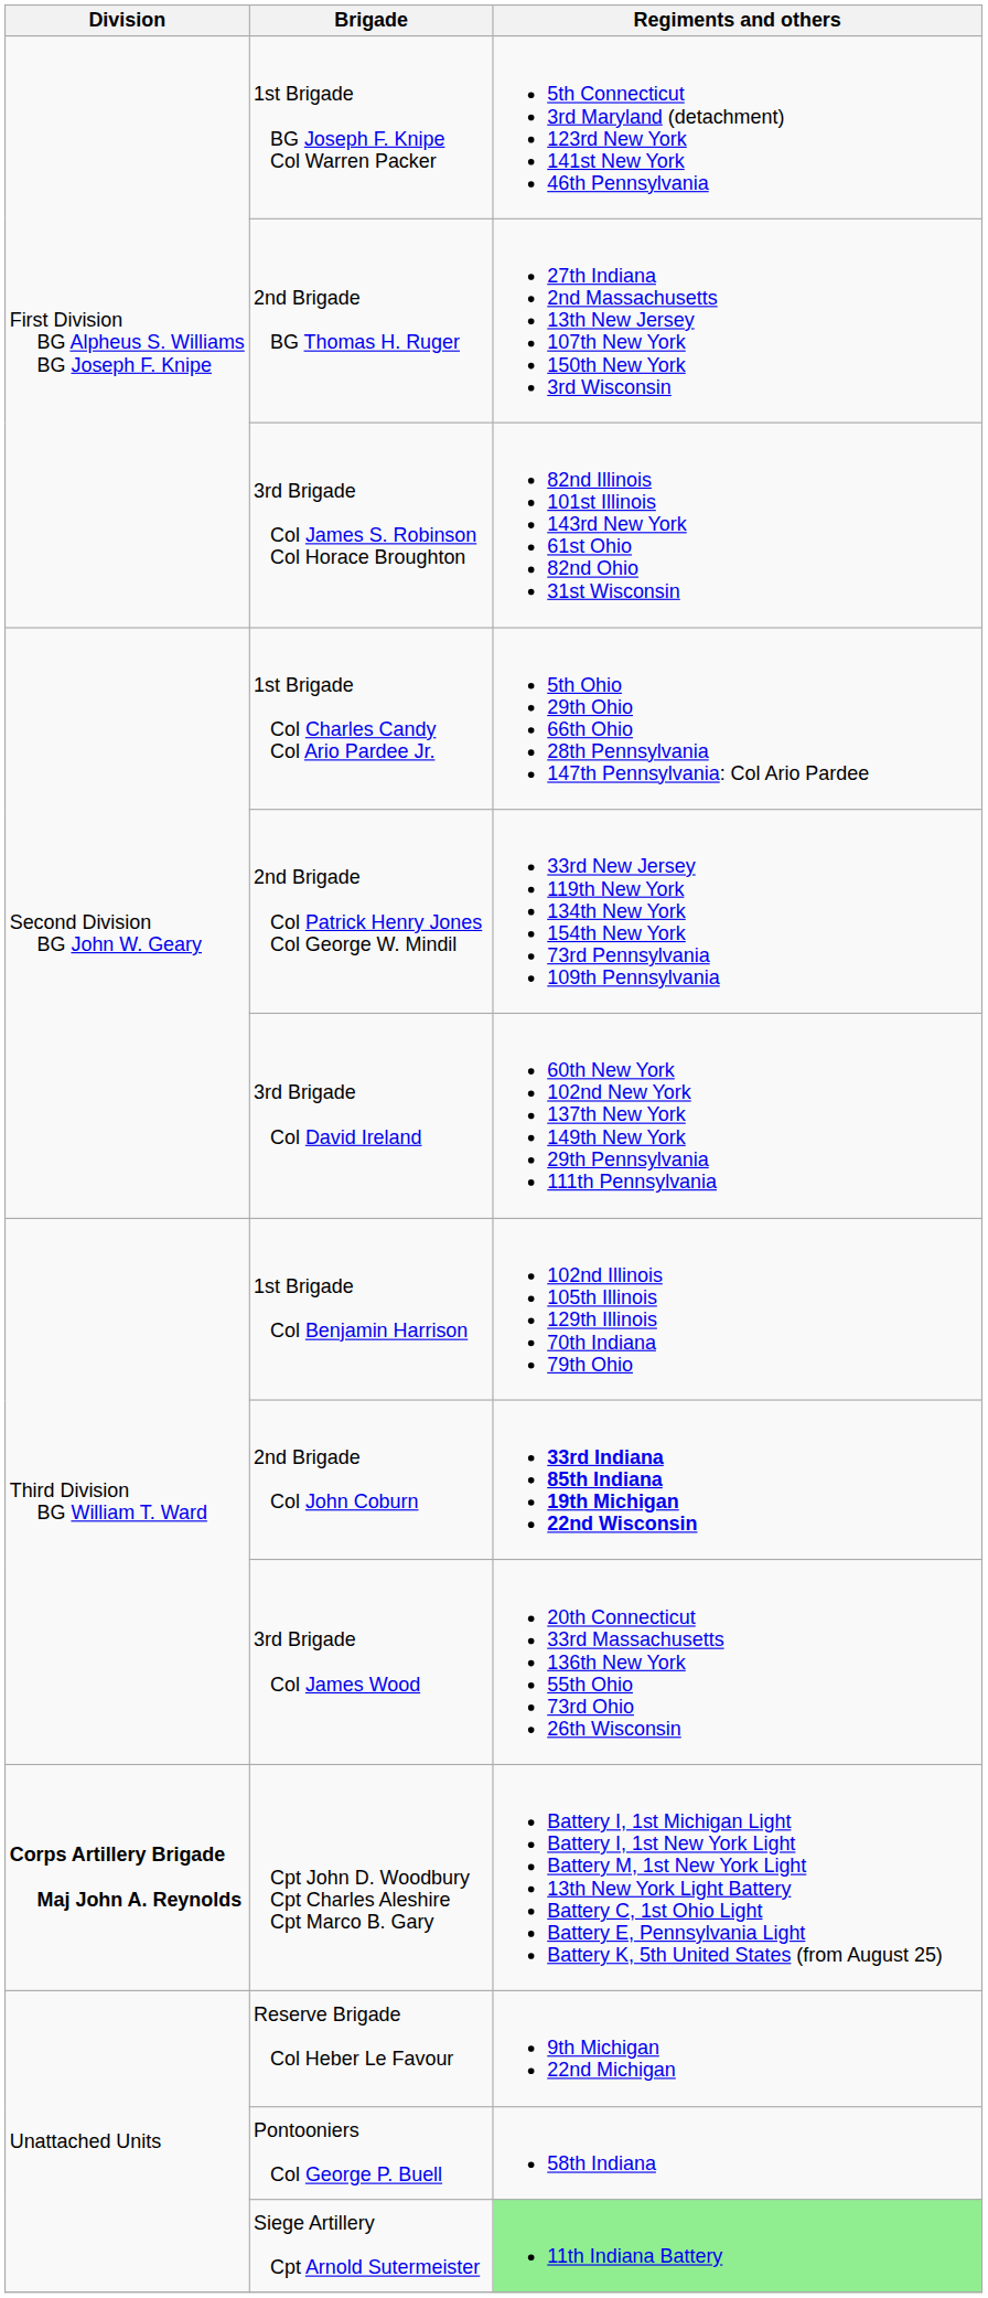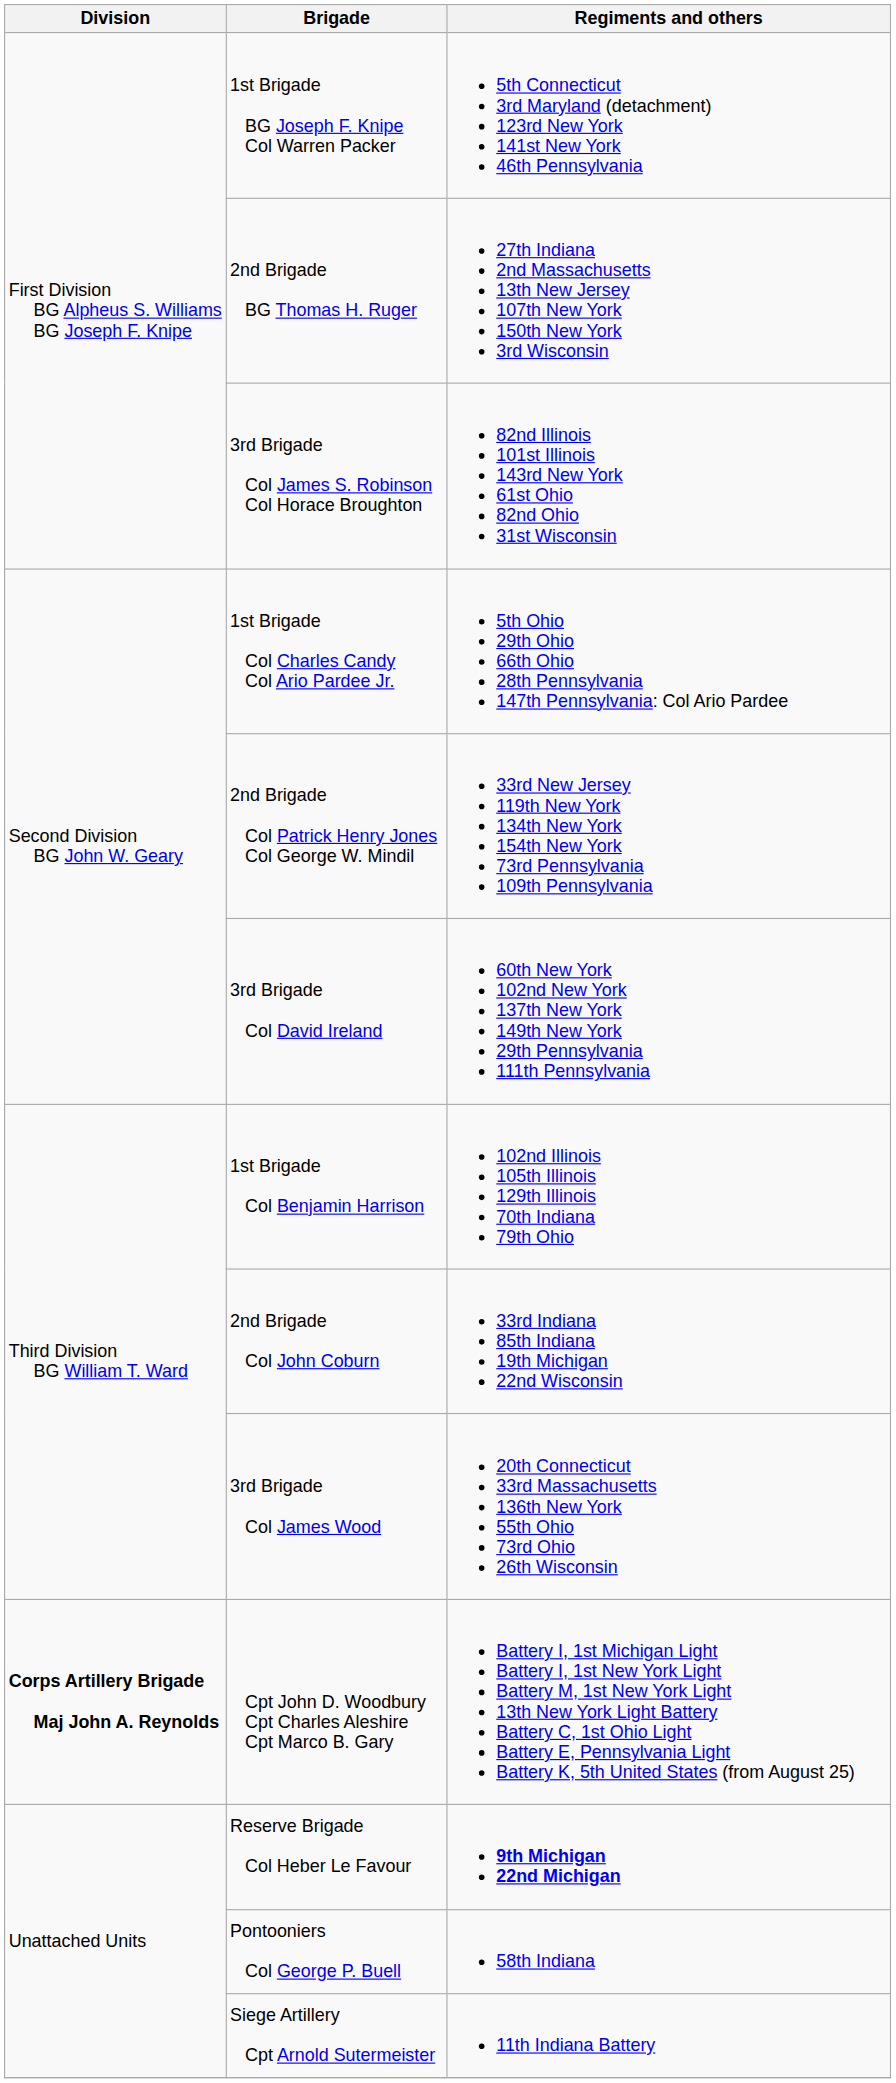 <table class="wikitable">
 <tr>
 <th width=25%>Division</th>
 <th width=25%>Brigade</th>
 <th>Regiments and others</th>
 </tr>
 <tr>
 <td rowspan=3><br>First Division <br>     BG <a href='#'>Alpheus S. Williams</a><br>     BG <a href='#'>Joseph F. Knipe</a></td>
 <td>1st Brigade<br><br>   BG <a href='#'>Joseph F. Knipe</a><br>   Col Warren Packer</td>
 <td><br><ul><li><a href='#'>5th Connecticut</a></li><li><a href='#'>3rd Maryland</a> (detachment)</li><li><a href='#'>123rd New York</a></li><li><a href='#'>141st New York</a></li><li><a href='#'>46th Pennsylvania</a></li></ul></td>
 </tr>
 <tr>
 <td>2nd Brigade<br><br>   BG <a href='#'>Thomas H. Ruger</a></td>
 <td><br><ul><li><a href='#'>27th Indiana</a></li><li><a href='#'>2nd Massachusetts</a></li><li><a href='#'>13th New Jersey</a></li><li><a href='#'>107th New York</a></li><li><a href='#'>150th New York</a></li><li><a href='#'>3rd Wisconsin</a></li></ul></td>
 </tr>
 <tr>
 <td>3rd Brigade<br><br>   Col <a href='#'>James S. Robinson</a><br>   Col Horace Broughton</td>
 <td><br><ul><li><a href='#'>82nd Illinois</a></li><li><a href='#'>101st Illinois</a></li><li><a href='#'>143rd New York</a></li><li><a href='#'>61st Ohio</a></li><li><a href='#'>82nd Ohio</a></li><li><a href='#'>31st Wisconsin</a></li></ul></td>
 </tr>
 <tr>
 <td rowspan=3><br>Second Division <br>     BG <a href='#'>John W. Geary</a><br></td>
 <td>1st Brigade<br><br>   Col <a href='#'>Charles Candy</a><br>   Col <a href='#'>Ario Pardee Jr.</a></td>
 <td><br><ul><li><a href='#'>5th Ohio</a></li><li><a href='#'>29th Ohio</a></li><li><a href='#'>66th Ohio</a></li><li><a href='#'>28th Pennsylvania</a></li><li><a href='#'>147th Pennsylvania</a>: Col Ario Pardee</li></ul></td>
 </tr>
 <tr>
 <td>2nd Brigade<br><br>   Col <a href='#'>Patrick Henry Jones</a><br>   Col George W. Mindil</td>
 <td><br><ul><li><a href='#'>33rd New Jersey</a></li><li><a href='#'>119th New York</a></li><li><a href='#'>134th New York</a></li><li><a href='#'>154th New York</a></li><li><a href='#'>73rd Pennsylvania</a></li><li><a href='#'>109th Pennsylvania</a></li></ul></td>
 </tr>
 <tr>
 <td>3rd Brigade<br><br>   Col <a href='#'>David Ireland</a></td>
 <td><br><ul><li><a href='#'>60th New York</a></li><li><a href='#'>102nd New York</a></li><li><a href='#'>137th New York</a></li><li><a href='#'>149th New York</a></li><li><a href='#'>29th Pennsylvania</a></li><li><a href='#'>111th Pennsylvania</a></li></ul></td>
 </tr>
 <tr>
 <td rowspan=3><br>Third Division <br>     BG <a href='#'>William T. Ward</a></td>
 <td>1st Brigade<br><br>   Col <a href='#'>Benjamin Harrison</a></td>
 <td><br><ul><li><a href='#'>102nd Illinois</a></li><li><a href='#'>105th Illinois</a></li><li><a href='#'>129th Illinois</a></li><li><a href='#'>70th Indiana</a></li><li><a href='#'>79th Ohio</a></li></ul></td>
 </tr>
 <tr>
 <td>2nd Brigade<br><br>   Col <a href='#'>John Coburn</a></td>
-<td><strong><br><ul><li><a href='#'>33rd Indiana</a></li><li><a href='#'>85th Indiana</a></li><li><a href='#'>19th Michigan</a></li><li><a href='#'>22nd Wisconsin</a></li></ul></strong></td>
+<td><br><ul><li><a href='#'>33rd Indiana</a></li><li><a href='#'>85th Indiana</a></li><li><a href='#'>19th Michigan</a></li><li><a href='#'>22nd Wisconsin</a></li></ul></td>
 </tr>
 <tr>
 <td>3rd Brigade<br><br>   Col <a href='#'>James Wood</a></td>
 <td><br><ul><li><a href='#'>20th Connecticut</a></li><li><a href='#'>33rd Massachusetts</a></li><li><a href='#'>136th New York</a></li><li><a href='#'>55th Ohio</a></li><li><a href='#'>73rd Ohio</a></li><li><a href='#'>26th Wisconsin</a></li></ul></td>
 </tr>
 <tr>
 <td><strong>Corps Artillery Brigade<br><br>     Maj John A. Reynolds</strong></td>
 <td><br><br>   Cpt John D. Woodbury <br>   Cpt Charles Aleshire <br>   Cpt Marco B. Gary</td>
 <td><br><ul><li><a href='#'>Battery I, 1st Michigan Light</a></li><li><a href='#'>Battery I, 1st New York Light</a></li><li><a href='#'>Battery M, 1st New York Light</a></li><li><a href='#'>13th New York Light Battery</a></li><li><a href='#'>Battery C, 1st Ohio Light</a></li><li><a href='#'>Battery E, Pennsylvania Light</a></li><li><a href='#'>Battery K, 5th United States</a> (from August 25)</li></ul></td>
 </tr>
 <tr>
 <td rowspan=3><br>Unattached Units <br>    </td>
 <td>Reserve Brigade<br><br>   Col Heber Le Favour<br>  </td>
-<td><br><ul><li><a href='#'>9th Michigan</a></li><li><a href='#'>22nd Michigan</a></li></ul></td>
+<td><strong><br><ul><li><a href='#'>9th Michigan</a></li><li><a href='#'>22nd Michigan</a></li></ul></strong></td>
 </tr>
 <tr>
 <td>Pontooniers<br><br>   Col <a href='#'>George P. Buell</a></td>
 <td><br><ul><li><a href='#'>58th Indiana</a></li></ul></td>
 </tr>
 <tr>
 <td>Siege Artillery<br><br>   Cpt <a href='#'>Arnold Sutermeister</a></td>
-<td style="background: lightgreen;"><br><ul><li><a href='#'>11th Indiana Battery</a></li></ul></td>
+<td><br><ul><li><a href='#'>11th Indiana Battery</a></li></ul></td>
 </tr>
 <tr>
 </tr>
 </table>
